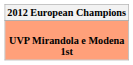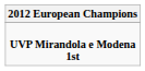 <table class="wikitable" style="text-align: center; margin: 0 auto;">
 <tr>
 <th>2012 European Champions</th>
 </tr>
 <tr>
 </tr>
 <tr>
-<td style="background: lightsalmon;"><br><strong>UVP Mirandola e Modena</strong><br><strong>1st</strong></td>
+<td><br><strong>UVP Mirandola e Modena</strong><br><strong>1st</strong></td>
 </tr>
 </table>
